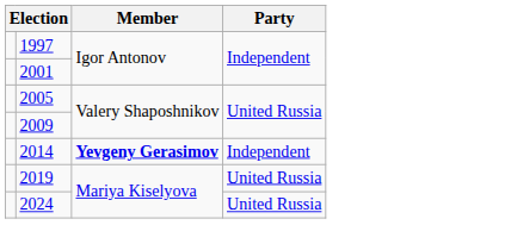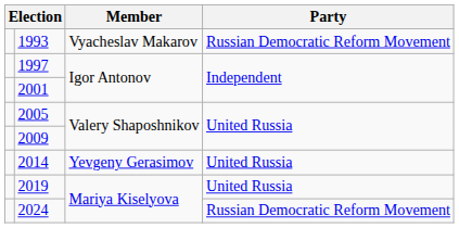 <table class="wikitable">
 <tr>
 <th colspan="2">Election</th>
 <th>Member</th>
 <th>Party</th>
+</tr>
+<tr>
+<td style="background-color:"></td>
+<td><a href='#'>1993</a></td>
+<td>Vyacheslav Makarov</td>
+<td><a href='#'>Russian Democratic Reform Movement</a></td>
 </tr>
 <tr>
 <td style="background-color:"></td>
 <td><a href='#'>1997</a></td>
 <td rowspan=2>Igor Antonov</td>
 <td rowspan=2><a href='#'>Independent</a></td>
 </tr>
 <tr>
 <td style="background-color:"></td>
 <td><a href='#'>2001</a></td>
 </tr>
 <tr>
 <td style="background-color:"></td>
 <td><a href='#'>2005</a></td>
 <td rowspan=2>Valery Shaposhnikov</td>
 <td rowspan=2><a href='#'>United Russia</a></td>
 </tr>
 <tr>
 <td style="background-color:"></td>
 <td><a href='#'>2009</a></td>
 </tr>
 <tr>
 <td style="background-color:"></td>
 <td><a href='#'>2014</a></td>
-<td><strong><a href='#'>Yevgeny Gerasimov</a></strong></td>
-<td><a href='#'>Independent</a></td>
+<td><a href='#'>Yevgeny Gerasimov</a></td>
+<td><a href='#'>United Russia</a></td>
 </tr>
 <tr>
 <td style="background-color:"></td>
 <td><a href='#'>2019</a></td>
 <td rowspan=2><a href='#'>Mariya Kiselyova</a></td>
 <td><a href='#'>United Russia</a></td>
 </tr>
 <tr>
 <td style="background-color:"></td>
 <td><a href='#'>2024</a></td>
-<td><a href='#'>United Russia</a></td>
+<td><a href='#'>Russian Democratic Reform Movement</a></td>
 </tr>
 </table>
